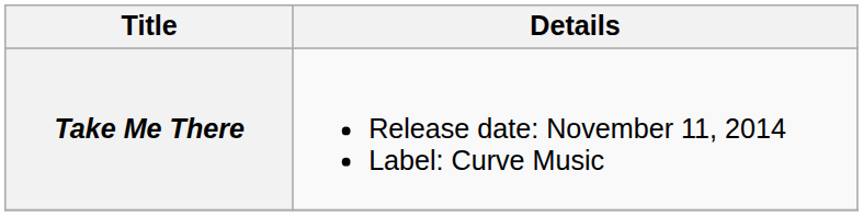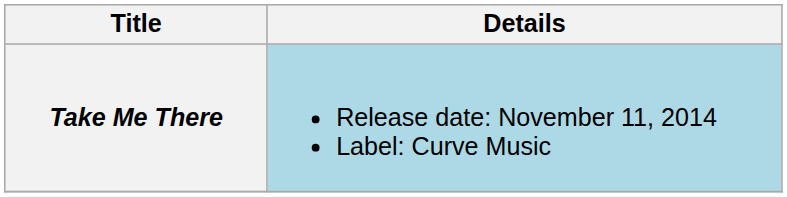 <table class="wikitable plainrowheaders">
 <tr>
 <th style="width:10em;">Title</th>
 <th style="width:20em;">Details</th>
 </tr>
 <tr>
 <th scope="row"><em>Take Me There</em></th>
-<td><br><ul><li>Release date: November 11, 2014</li><li>Label: Curve Music</li></ul></td>
+<td style="background: lightblue;"><br><ul><li>Release date: November 11, 2014</li><li>Label: Curve Music</li></ul></td>
 </tr>
 <tr>
 </tr>
 </table>
